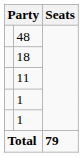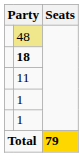 <table class="wikitable">
 <tr>
 <th colspan=2>Party</th>
 <th>Seats</th>
 </tr>
 <tr>
 <td></td>
-<td>48</td>
+<td style="background: khaki;">48</td>
 </tr>
 <tr>
 <td></td>
-<td>18</td>
+<td><strong>18</strong></td>
 </tr>
 <tr>
 <td></td>
 <td>11</td>
 </tr>
 <tr>
 <td></td>
 <td>1</td>
 </tr>
 <tr>
 <td></td>
 <td>1</td>
 </tr>
 <tr>
 <td colspan="2"><strong>Total</strong></td>
-<td><strong>79</strong></td>
+<td style="background: gold;"><strong>79</strong></td>
 </tr>
 </table>
